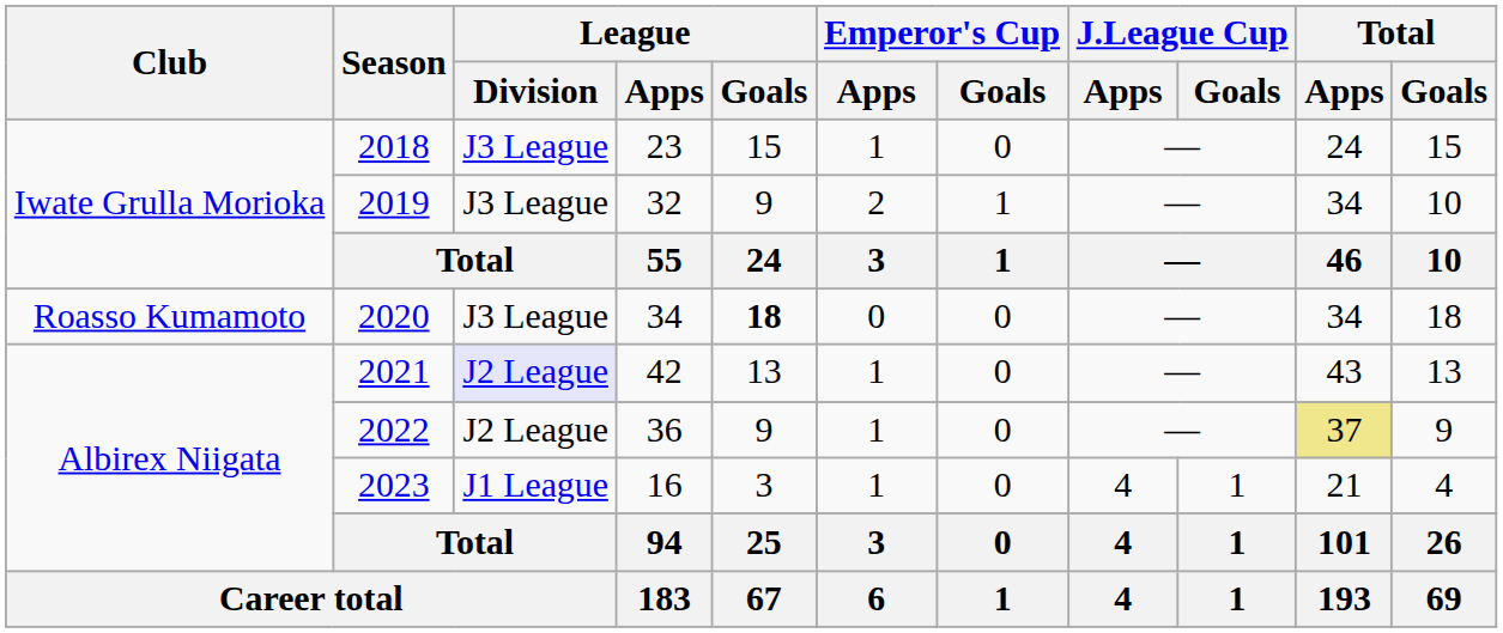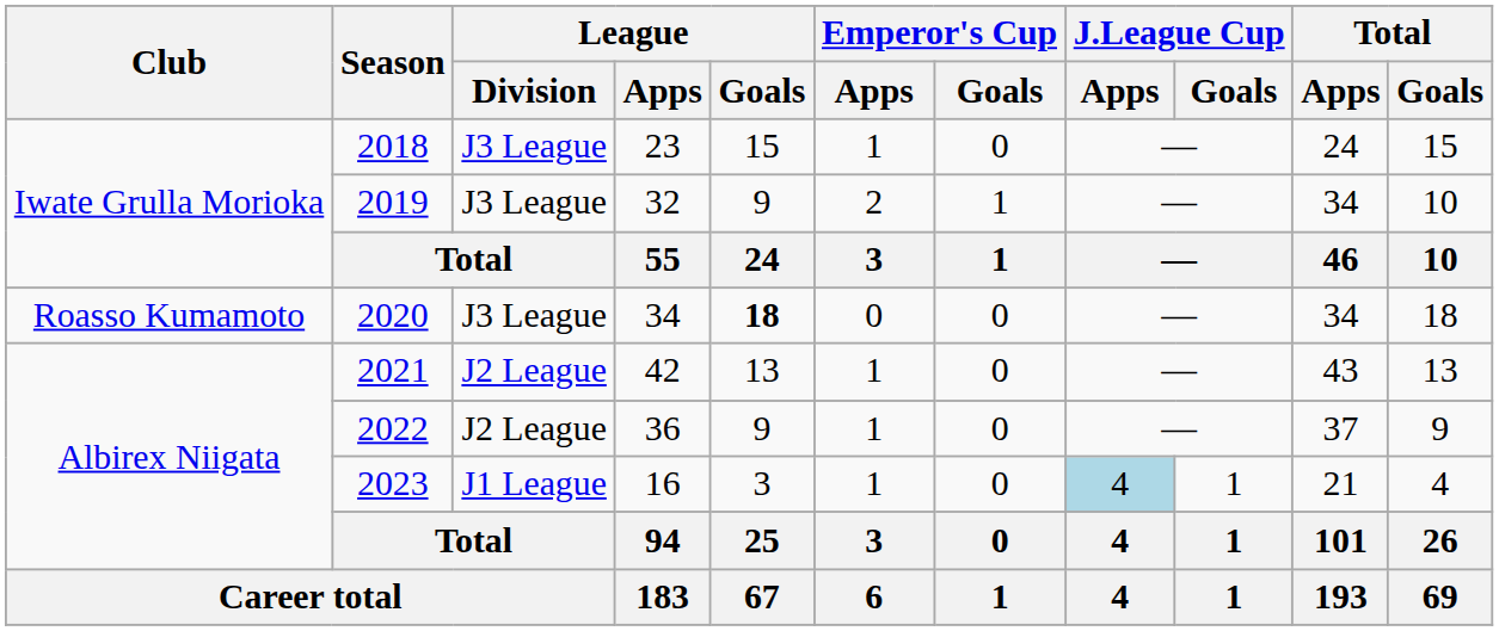 <table class="wikitable" style="text-align:center">
 <tr>
 <th rowspan="2">Club</th>
 <th rowspan="2">Season</th>
 <th colspan="3">League</th>
 <th colspan="2"><a href='#'>Emperor's Cup</a></th>
 <th colspan="2"><a href='#'>J.League Cup</a></th>
 <th colspan="2">Total</th>
 </tr>
 <tr>
 <th>Division</th>
 <th>Apps</th>
 <th>Goals</th>
 <th>Apps</th>
 <th>Goals</th>
 <th>Apps</th>
 <th>Goals</th>
 <th>Apps</th>
 <th>Goals</th>
 </tr>
 <tr>
 <td rowspan="3"><a href='#'>Iwate Grulla Morioka</a></td>
 <td><a href='#'>2018</a></td>
 <td><a href='#'>J3 League</a></td>
 <td>23</td>
 <td>15</td>
 <td>1</td>
 <td>0</td>
 <td colspan="2">—</td>
 <td>24</td>
 <td>15</td>
 </tr>
 <tr>
 <td><a href='#'>2019</a></td>
 <td>J3 League</td>
 <td>32</td>
 <td>9</td>
 <td>2</td>
 <td>1</td>
 <td colspan="2">—</td>
 <td>34</td>
 <td>10</td>
 </tr>
 <tr>
 <th colspan="2">Total</th>
 <th>55</th>
 <th>24</th>
 <th>3</th>
 <th>1</th>
 <th colspan="2">—</th>
 <th>46</th>
 <th>10</th>
 </tr>
 <tr>
 <td><a href='#'>Roasso Kumamoto</a></td>
 <td><a href='#'>2020</a></td>
 <td>J3 League</td>
 <td>34</td>
 <td><strong>18</strong></td>
 <td>0</td>
 <td>0</td>
 <td colspan="2">—</td>
 <td>34</td>
 <td>18</td>
 </tr>
 <tr>
 <td rowspan="4"><a href='#'>Albirex Niigata</a></td>
 <td><a href='#'>2021</a></td>
-<td style="background: lavender;"><a href='#'>J2 League</a></td>
+<td><a href='#'>J2 League</a></td>
 <td>42</td>
 <td>13</td>
 <td>1</td>
 <td>0</td>
 <td colspan="2">—</td>
 <td>43</td>
 <td>13</td>
 </tr>
 <tr>
 <td><a href='#'>2022</a></td>
 <td>J2 League</td>
 <td>36</td>
 <td>9</td>
 <td>1</td>
 <td>0</td>
 <td colspan="2">—</td>
-<td style="background: khaki;">37</td>
+<td>37</td>
 <td>9</td>
 </tr>
 <tr>
 <td><a href='#'>2023</a></td>
 <td><a href='#'>J1 League</a></td>
 <td>16</td>
 <td>3</td>
 <td>1</td>
 <td>0</td>
-<td>4</td>
+<td style="background: lightblue;">4</td>
 <td>1</td>
 <td>21</td>
 <td>4</td>
 </tr>
 <tr>
 <th colspan="2">Total</th>
 <th>94</th>
 <th>25</th>
 <th>3</th>
 <th>0</th>
 <th>4</th>
 <th>1</th>
 <th>101</th>
 <th>26</th>
 </tr>
 <tr>
 <th colspan="3">Career total</th>
 <th>183</th>
 <th>67</th>
 <th>6</th>
 <th>1</th>
 <th>4</th>
 <th>1</th>
 <th>193</th>
 <th>69</th>
 </tr>
 </table>
